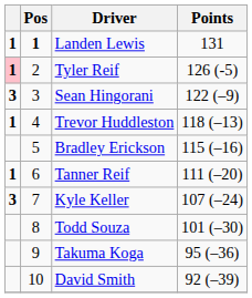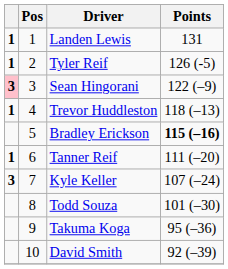 <table class="wikitable" style="font-size: 95%;">
 <tr>
 <th></th>
 <th>Pos</th>
 <th>Driver</th>
 <th>Points</th>
 </tr>
 <tr>
 <td align="left"> <strong>1</strong></td>
-<td style="text-align:center;"><strong>1</strong></td>
+<td style="text-align:center;">1</td>
 <td><a href='#'>Landen Lewis</a></td>
 <td style="text-align:center;">131</td>
 </tr>
 <tr>
-<td align="left" style="background: pink;"> <strong>1</strong></td>
+<td align="left"> <strong>1</strong></td>
 <td style="text-align:center;">2</td>
 <td><a href='#'>Tyler Reif</a></td>
 <td style="text-align:center;">126 (-5)</td>
 </tr>
 <tr>
-<td align="left"> <strong>3</strong></td>
+<td align="left" style="background: pink;"> <strong>3</strong></td>
 <td style="text-align:center;">3</td>
 <td><a href='#'>Sean Hingorani</a></td>
 <td style="text-align:center;">122 (–9)</td>
 </tr>
 <tr>
 <td align="left"> <strong>1</strong></td>
 <td style="text-align:center;">4</td>
 <td><a href='#'>Trevor Huddleston</a></td>
 <td style="text-align:center;">118 (–13)</td>
 </tr>
 <tr>
 <td align="left"></td>
 <td style="text-align:center;">5</td>
 <td><a href='#'>Bradley Erickson</a></td>
-<td style="text-align:center;">115 (–16)</td>
+<td style="text-align:center;"><strong>115 (–16)</strong></td>
 </tr>
 <tr>
 <td align="left"> <strong>1</strong></td>
 <td style="text-align:center;">6</td>
 <td><a href='#'>Tanner Reif</a></td>
 <td style="text-align:center;">111 (–20)</td>
 </tr>
 <tr>
 <td align="left"> <strong>3</strong></td>
 <td style="text-align:center;">7</td>
 <td><a href='#'>Kyle Keller</a></td>
 <td style="text-align:center;">107 (–24)</td>
 </tr>
 <tr>
 <td align="left"></td>
 <td style="text-align:center;">8</td>
 <td><a href='#'>Todd Souza</a></td>
 <td style="text-align:center;">101 (–30)</td>
 </tr>
 <tr>
 <td align="left"></td>
 <td style="text-align:center;">9</td>
 <td><a href='#'>Takuma Koga</a></td>
 <td style="text-align:center;">95 (–36)</td>
 </tr>
 <tr>
 <td align="left"></td>
 <td style="text-align:center;">10</td>
 <td><a href='#'>David Smith</a></td>
 <td style="text-align:center;">92 (–39)</td>
 </tr>
 <tr class="sortbottom">
 </tr>
 </table>
